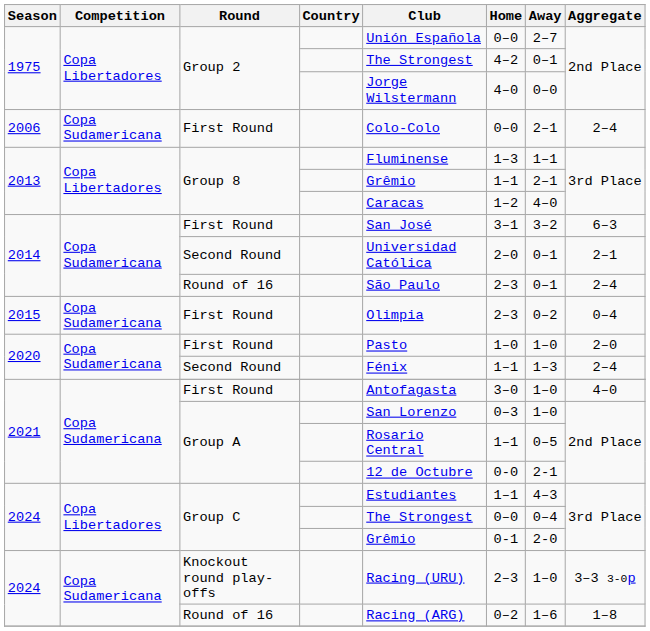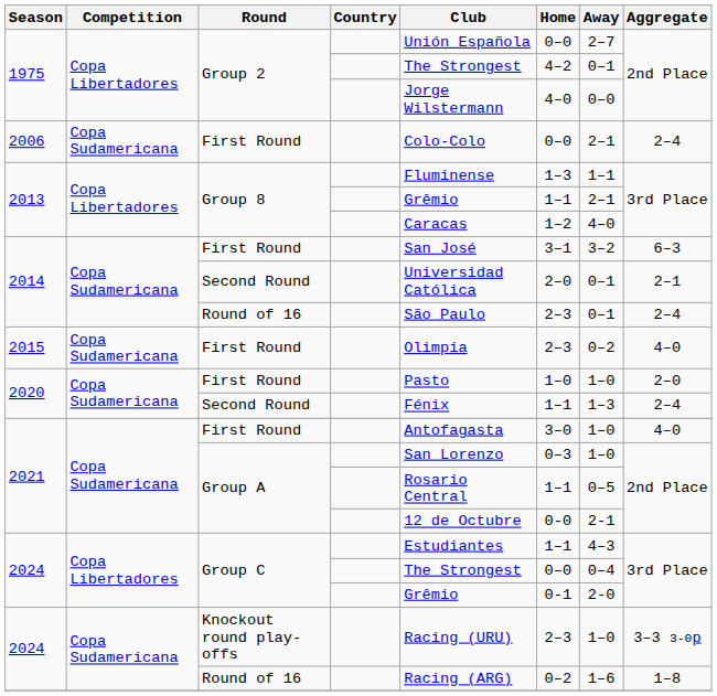 <table class="wikitable" style="text-align:left;">
 <tr>
 <th>Season</th>
 <th>Competition</th>
 <th>Round</th>
 <th>Country</th>
 <th>Club</th>
 <th>Home</th>
 <th>Away</th>
 <th>Aggregate</th>
 </tr>
 <tr>
 <td rowspan="3"><a href='#'>1975</a></td>
 <td rowspan="3"><a href='#'>Copa Libertadores</a></td>
 <td rowspan="3">Group 2</td>
 <td></td>
 <td><a href='#'>Unión Española</a></td>
 <td style="text-align:center;">0–0</td>
 <td style="text-align:center;">2–7</td>
 <td style="text-align:center;" rowspan=3>2nd Place</td>
 </tr>
 <tr>
 <td></td>
 <td><a href='#'>The Strongest</a></td>
 <td style="text-align:center;">4–2</td>
 <td style="text-align:center;">0–1</td>
 </tr>
 <tr>
 <td></td>
 <td><a href='#'>Jorge Wilstermann</a></td>
 <td style="text-align:center;">4–0</td>
 <td style="text-align:center;">0–0</td>
 </tr>
 <tr>
 <td><a href='#'>2006</a></td>
 <td><a href='#'>Copa Sudamericana</a></td>
 <td>First Round</td>
 <td></td>
 <td><a href='#'>Colo-Colo</a></td>
 <td style="text-align:center;">0–0</td>
 <td style="text-align:center;">2–1</td>
 <td style="text-align:center;">2–4</td>
 </tr>
 <tr>
 <td rowspan="3"><a href='#'>2013</a></td>
 <td rowspan="3"><a href='#'>Copa Libertadores</a></td>
 <td rowspan="3">Group 8</td>
 <td></td>
 <td><a href='#'>Fluminense</a></td>
 <td style="text-align:center;">1–3</td>
 <td style="text-align:center;">1–1</td>
 <td style="text-align:center;" rowspan=3>3rd Place</td>
 </tr>
 <tr>
 <td></td>
 <td><a href='#'>Grêmio</a></td>
 <td style="text-align:center;">1–1</td>
 <td style="text-align:center;">2–1</td>
 </tr>
 <tr>
 <td></td>
 <td><a href='#'>Caracas</a></td>
 <td style="text-align:center;">1–2</td>
 <td style="text-align:center;">4–0</td>
 </tr>
 <tr>
 <td rowspan="3"><a href='#'>2014</a></td>
 <td rowspan="3"><a href='#'>Copa Sudamericana</a></td>
 <td>First Round</td>
 <td></td>
 <td><a href='#'>San José</a></td>
 <td style="text-align:center;">3–1</td>
 <td style="text-align:center;">3–2</td>
 <td style="text-align:center;">6–3</td>
 </tr>
 <tr>
 <td>Second Round</td>
 <td></td>
 <td><a href='#'>Universidad Católica</a></td>
 <td style="text-align:center;">2–0</td>
 <td style="text-align:center;">0–1</td>
 <td style="text-align:center;">2–1</td>
 </tr>
 <tr>
 <td>Round of 16</td>
 <td></td>
 <td><a href='#'>São Paulo</a></td>
 <td style="text-align:center;">2–3</td>
 <td style="text-align:center;">0–1</td>
 <td style="text-align:center;">2–4</td>
 </tr>
 <tr>
 <td><a href='#'>2015</a></td>
 <td><a href='#'>Copa Sudamericana</a></td>
 <td>First Round</td>
 <td></td>
 <td><a href='#'>Olimpia</a></td>
 <td style="text-align:center;">2–3</td>
 <td style="text-align:center;">0–2</td>
-<td style="text-align:center;">0–4</td>
+<td style="text-align:center;">4–0</td>
 </tr>
 <tr>
 <td rowspan="2"><a href='#'>2020</a></td>
 <td rowspan="2"><a href='#'>Copa Sudamericana</a></td>
 <td>First Round</td>
 <td></td>
 <td><a href='#'>Pasto</a></td>
 <td style="text-align:center;">1–0</td>
 <td style="text-align:center;">1–0</td>
 <td style="text-align:center;">2–0</td>
 </tr>
 <tr>
 <td>Second Round</td>
 <td></td>
 <td><a href='#'>Fénix</a></td>
 <td style="text-align:center;">1–1</td>
 <td style="text-align:center;">1–3</td>
 <td style="text-align:center;">2–4</td>
 </tr>
 <tr>
 <td rowspan="5"><a href='#'>2021</a></td>
 <td rowspan="5"><a href='#'>Copa Sudamericana</a></td>
 </tr>
 <tr>
 <td>First Round</td>
 <td></td>
 <td><a href='#'>Antofagasta</a></td>
 <td style="text-align:center;">3–0</td>
 <td style="text-align:center;">1–0</td>
 <td style="text-align:center;">4–0</td>
 </tr>
 <tr>
 <td rowspan="3">Group A</td>
 <td></td>
 <td><a href='#'>San Lorenzo</a></td>
 <td style="text-align:center;">0–3</td>
 <td style="text-align:center;">1–0</td>
 <td style="text-align:center;" rowspan=3>2nd Place</td>
 </tr>
 <tr>
 <td></td>
 <td><a href='#'>Rosario Central</a></td>
 <td style="text-align:center;">1–1</td>
 <td style="text-align:center;">0–5</td>
 </tr>
 <tr>
 <td></td>
 <td><a href='#'>12 de Octubre</a></td>
 <td style="text-align:center;">0-0</td>
 <td style="text-align:center;">2-1</td>
 </tr>
 <tr>
 <td rowspan="3"><a href='#'>2024</a></td>
 <td rowspan="3"><a href='#'>Copa Libertadores</a></td>
 <td rowspan="3">Group C</td>
 <td></td>
 <td><a href='#'>Estudiantes</a></td>
 <td style="text-align:center;">1–1</td>
 <td style="text-align:center;">4–3</td>
 <td style="text-align:center;" rowspan=3>3rd Place</td>
 </tr>
 <tr>
 <td></td>
 <td><a href='#'>The Strongest</a></td>
 <td style="text-align:center;">0–0</td>
 <td style="text-align:center;">0–4</td>
 </tr>
 <tr>
 <td></td>
 <td><a href='#'>Grêmio</a></td>
 <td style="text-align:center;">0-1</td>
 <td style="text-align:center;">2-0</td>
 </tr>
 <tr>
 <td rowspan="2"><a href='#'>2024</a></td>
 <td rowspan="2"><a href='#'>Copa Sudamericana</a></td>
 <td>Knockout round play-offs</td>
 <td></td>
 <td><a href='#'>Racing (URU)</a></td>
 <td style="text-align:center;">2–3</td>
 <td style="text-align:center;">1–0</td>
 <td style="text-align:center;">3–3 <small>3-0</small><a href='#'>p</a></td>
 </tr>
 <tr>
 <td>Round of 16</td>
 <td></td>
 <td><a href='#'>Racing (ARG)</a></td>
 <td style="text-align:center;">0–2</td>
 <td style="text-align:center;">1–6</td>
 <td style="text-align:center;">1–8</td>
 </tr>
 <tr>
 </tr>
 </table>
